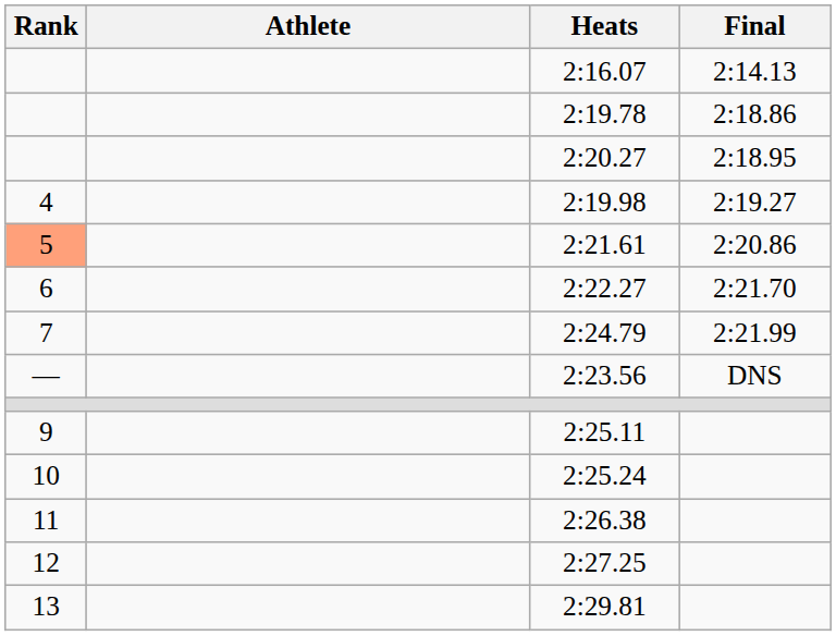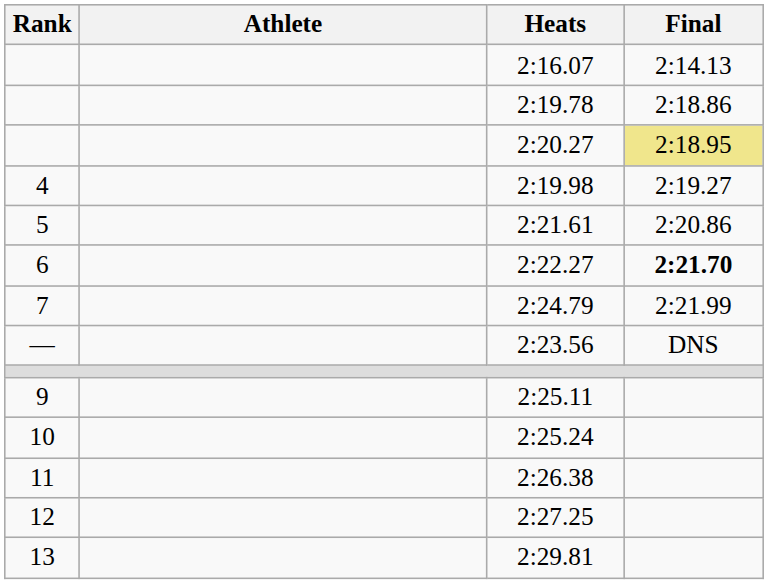 <table class=wikitable style="text-align:center">
 <tr>
 <th width=40>Rank</th>
 <th width=250>Athlete</th>
 <th width=80>Heats</th>
 <th width=80>Final</th>
 </tr>
 <tr>
 <td></td>
 <td align=left></td>
 <td>2:16.07</td>
 <td>2:14.13</td>
 </tr>
 <tr>
 <td></td>
 <td align=left></td>
 <td>2:19.78</td>
 <td>2:18.86</td>
 </tr>
 <tr>
 <td></td>
 <td align=left></td>
 <td>2:20.27</td>
-<td>2:18.95</td>
+<td style="background: khaki;">2:18.95</td>
 </tr>
 <tr>
 <td>4</td>
 <td align=left></td>
 <td>2:19.98</td>
 <td>2:19.27</td>
 </tr>
 <tr>
-<td style="background: lightsalmon;">5</td>
+<td>5</td>
 <td align=left></td>
 <td>2:21.61</td>
 <td>2:20.86</td>
 </tr>
 <tr>
 <td>6</td>
 <td align=left></td>
 <td>2:22.27</td>
-<td>2:21.70</td>
+<td><strong>2:21.70</strong></td>
 </tr>
 <tr>
 <td>7</td>
 <td align=left></td>
 <td>2:24.79</td>
 <td>2:21.99</td>
 </tr>
 <tr>
 <td>—</td>
 <td align=left></td>
 <td>2:23.56</td>
 <td>DNS</td>
 </tr>
 <tr bgcolor=#DDDDDD>
 <td colspan=4></td>
 </tr>
 <tr>
 <td>9</td>
 <td align=left></td>
 <td>2:25.11</td>
 <td></td>
 </tr>
 <tr>
 <td>10</td>
 <td align=left></td>
 <td>2:25.24</td>
 <td></td>
 </tr>
 <tr>
 <td>11</td>
 <td align=left></td>
 <td>2:26.38</td>
 <td></td>
 </tr>
 <tr>
 <td>12</td>
 <td align=left></td>
 <td>2:27.25</td>
 <td></td>
 </tr>
 <tr>
 <td>13</td>
 <td align=left></td>
 <td>2:29.81</td>
 <td></td>
 </tr>
 </table>
